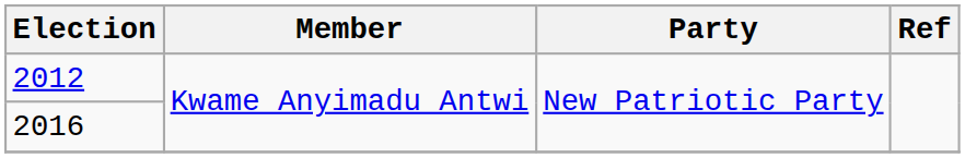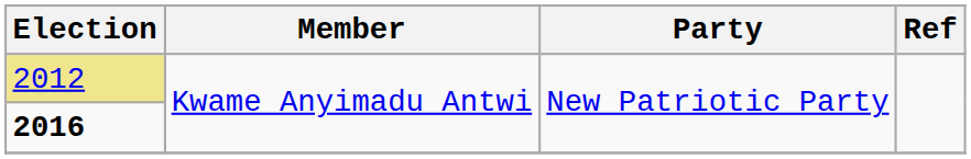 <table class="wikitable">
 <tr>
 <th>Election</th>
 <th>Member</th>
 <th>Party</th>
 <th>Ref</th>
 </tr>
 <tr>
-<td><a href='#'>2012</a></td>
+<td style="background: khaki;"><a href='#'>2012</a></td>
 <td rowspan="2"><a href='#'>Kwame Anyimadu Antwi</a></td>
 <td rowspan="2"><a href='#'>New Patriotic Party</a></td>
 <td rowspan="2"></td>
 </tr>
 <tr>
-<td>2016</td>
+<td><strong>2016</strong></td>
 </tr>
 <tr>
 </tr>
 </table>
